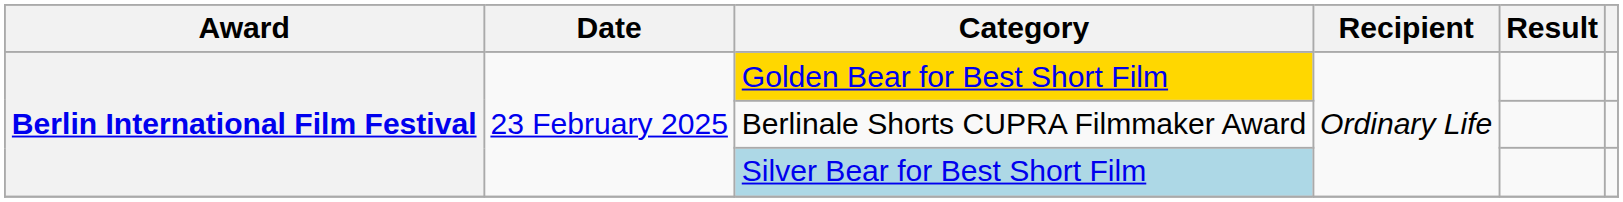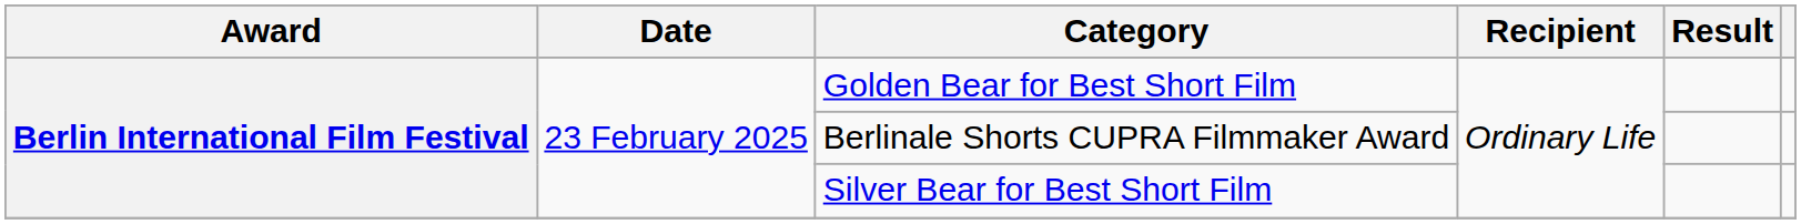 <table class="wikitable sortable plainrowheaders">
 <tr>
 <th>Award</th>
 <th>Date</th>
 <th>Category</th>
 <th>Recipient</th>
 <th>Result</th>
 <th></th>
 </tr>
 <tr>
 <th scope="row" rowspan=3><a href='#'>Berlin International Film Festival</a></th>
 <td rowspan=3><a href='#'>23 February 2025</a></td>
-<td style="background: gold;"><a href='#'>Golden Bear for Best Short Film</a></td>
+<td><a href='#'>Golden Bear for Best Short Film</a></td>
 <td rowspan="3"><em>Ordinary Life</em></td>
 <td></td>
 <td align="center" rowspan="1"></td>
 </tr>
 <tr>
 <td>Berlinale Shorts CUPRA Filmmaker Award</td>
 <td></td>
 <td align="center" rowspan="1"></td>
 </tr>
 <tr>
-<td style="background: lightblue;"><a href='#'>Silver Bear for Best Short Film</a></td>
+<td><a href='#'>Silver Bear for Best Short Film</a></td>
 <td></td>
 <td align="center" rowspan="1"></td>
 </tr>
 <tr>
 </tr>
 </table>
